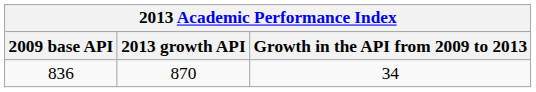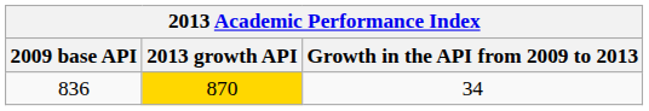 <table class="wikitable" style="text-align:center">
 <tr>
 <th colspan="3">2013 <a href='#'>Academic Performance Index</a></th>
 </tr>
 <tr>
 <th>2009 base API </th>
 <th>2013 growth API </th>
 <th>Growth in the API from 2009 to 2013</th>
 </tr>
 <tr>
 <td>836</td>
-<td>870</td>
+<td style="background: gold;">870</td>
 <td>34</td>
 </tr>
 </table>
